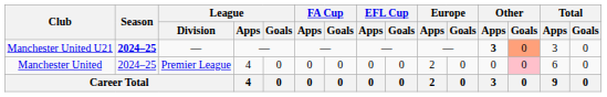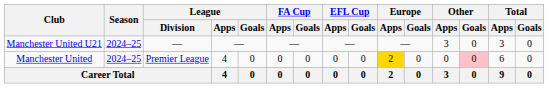 <table class="wikitable" style="text-align: center;">
 <tr>
 <th rowspan="2">Club</th>
 <th rowspan="2">Season</th>
 <th colspan="3">League</th>
 <th colspan="2"><a href='#'>FA Cup</a></th>
 <th colspan="2"><a href='#'>EFL Cup</a></th>
 <th colspan="2">Europe</th>
 <th colspan="2">Other</th>
 <th colspan="2">Total</th>
 </tr>
 <tr>
 <th>Division</th>
 <th>Apps</th>
 <th>Goals</th>
 <th>Apps</th>
 <th>Goals</th>
 <th>Apps</th>
 <th>Goals</th>
 <th>Apps</th>
 <th>Goals</th>
 <th>Apps</th>
 <th>Goals</th>
 <th>Apps</th>
 <th>Goals</th>
 </tr>
 <tr>
 <td><a href='#'>Manchester United U21</a></td>
-<td><strong><a href='#'>2024–25</a></strong></td>
+<td><a href='#'>2024–25</a></td>
 <td>—</td>
 <td colspan="2">—</td>
 <td colspan="2">—</td>
 <td colspan="2">—</td>
 <td colspan="2">—</td>
-<td><strong>3</strong></td>
-<td style="background: lightsalmon;">0</td>
+<td>3</td>
+<td>0</td>
 <td>3</td>
 <td>0</td>
 </tr>
 <tr>
 <td><a href='#'>Manchester United</a></td>
 <td><a href='#'>2024–25</a></td>
 <td><a href='#'>Premier League</a></td>
 <td>4</td>
 <td>0</td>
 <td>0</td>
 <td>0</td>
 <td>0</td>
 <td>0</td>
-<td>2</td>
+<td style="background: gold;">2</td>
 <td>0</td>
 <td>0</td>
 <td style="background: pink;">0</td>
 <td>6</td>
 <td>0</td>
 </tr>
 <tr>
 <th colspan="3">Career Total</th>
 <th>4</th>
 <th>0</th>
 <th>0</th>
 <th>0</th>
 <th>0</th>
 <th>0</th>
 <th>2</th>
 <th>0</th>
 <th>3</th>
 <th>0</th>
 <th>9</th>
 <th>0</th>
 </tr>
 </table>
